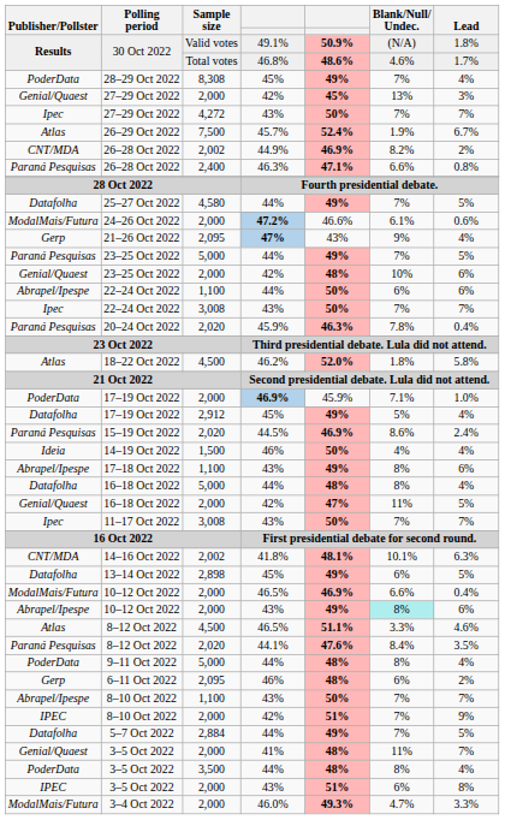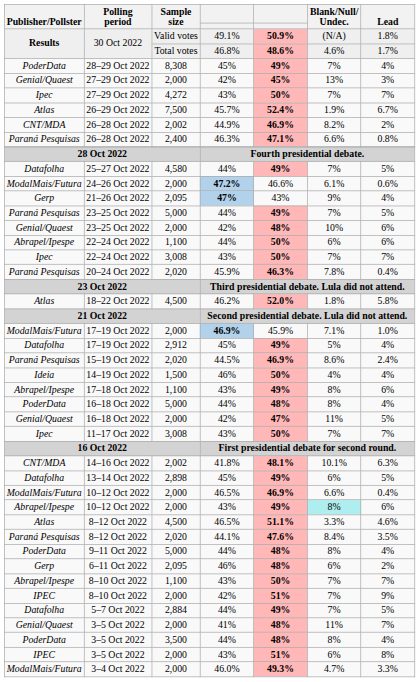 <table class="nowrap wikitable" style="text-align:center;font-size:85%;line-height:14px">
 <tr style="vertical-align:bottom">
 <th rowspan="2">Publisher/Pollster</th>
 <th rowspan="2">Polling<br>period</th>
 <th rowspan="2">Sample<br>size</th>
 <th style="width:5em"><br></th>
 <th style="width:5em"><br></th>
 <th rowspan="2" style="width:5em">Blank/Null/<br>Undec.</th>
 <th rowspan="2" style="width:5em">Lead</th>
 </tr>
 <tr>
 <th style="background:"></th>
 <th style="background:"></th>
 </tr>
 <tr style="background:#EFEFEF">
 <td rowspan=2><strong>Results</strong></td>
 <td rowspan=2>30 Oct 2022</td>
 <td>Valid votes</td>
 <td>49.1%</td>
 <td style="background:#ffb7b7;font-weight:bold">50.9%</td>
 <td>(N/A)</td>
 <td style="background:">1.8%</td>
 </tr>
 <tr style="background:#EFEFEF">
 <td>Total votes</td>
 <td>46.8%</td>
 <td style="background:#ffb7b7;font-weight:bold">48.6%</td>
 <td>4.6%</td>
 <td style="background:">1.7%</td>
 </tr>
 <tr>
 <td><em>PoderData</em></td>
 <td> 28–29 Oct 2022</td>
 <td>8,308</td>
 <td>45%</td>
 <td style="background:#ffb7b7;font-weight:bold">49%</td>
 <td>7%</td>
 <td style="background:">4%</td>
 </tr>
 <tr>
 <td><em>Genial/Quaest</em></td>
 <td> 27–29 Oct 2022</td>
 <td>2,000</td>
 <td>42%</td>
 <td style="background:#ffb7b7;font-weight:bold">45%</td>
 <td>13%</td>
 <td style="background:">3%</td>
 </tr>
 <tr>
 <td><em>Ipec</em></td>
 <td> 27–29 Oct 2022</td>
 <td>4,272</td>
 <td>43%</td>
 <td style="background:#ffb7b7;font-weight:bold">50%</td>
 <td>7%</td>
 <td style="background:">7%</td>
 </tr>
 <tr>
 <td><em>Atlas</em></td>
 <td> 26–29 Oct 2022</td>
 <td>7,500</td>
 <td>45.7%</td>
 <td style="background:#ffb7b7;font-weight:bold">52.4%</td>
 <td>1.9%</td>
 <td style="background:">6.7%</td>
 </tr>
 <tr>
 <td><em>CNT/MDA</em></td>
 <td> 26–28 Oct 2022</td>
 <td>2,002</td>
 <td>44.9%</td>
 <td style="background:#ffb7b7;font-weight:bold">46.9%</td>
 <td>8.2%</td>
 <td style="background:">2%</td>
 </tr>
 <tr>
 <td><em>Paraná Pesquisas</em></td>
 <td> 26–28 Oct 2022</td>
 <td>2,400</td>
 <td>46.3%</td>
 <td style="background:#ffb7b7;font-weight:bold">47.1%</td>
 <td>6.6%</td>
 <td style="background:">0.8%</td>
 </tr>
 <tr>
 </tr>
 <tr style=background:lightgrey;font-weight:bold>
 <td colspan=3>28 Oct 2022</td>
 <td colspan=4>Fourth presidential debate.</td>
 </tr>
 <tr>
 <td><em>Datafolha</em></td>
 <td> 25–27 Oct 2022</td>
 <td>4,580</td>
 <td>44%</td>
 <td style="background:#ffb7b7;font-weight:bold">49%</td>
 <td>7%</td>
 <td style="background:">5%</td>
 </tr>
 <tr>
 <td><em>ModalMais/Futura</em></td>
 <td> 24–26 Oct 2022</td>
 <td>2,000</td>
 <td style="background:#b2d1ea;font-weight:bold">47.2%</td>
 <td>46.6%</td>
 <td>6.1%</td>
 <td style="background:">0.6%</td>
 </tr>
 <tr>
 <td><em>Gerp</em></td>
 <td> 21–26 Oct 2022</td>
 <td>2,095</td>
 <td style="background:#b2d1ea;font-weight:bold">47%</td>
 <td>43%</td>
 <td>9%</td>
 <td style="background:">4%</td>
 </tr>
 <tr>
 <td><em>Paraná Pesquisas</em></td>
 <td> 23–25 Oct 2022</td>
 <td>5,000</td>
 <td>44%</td>
 <td style="background:#ffb7b7;font-weight:bold">49%</td>
 <td>7%</td>
 <td style="background:">5%</td>
 </tr>
 <tr>
 <td><em>Genial/Quaest</em></td>
 <td> 23–25 Oct 2022</td>
 <td>2,000</td>
 <td>42%</td>
 <td style="background:#ffb7b7;font-weight:bold">48%</td>
 <td>10%</td>
 <td style="background:">6%</td>
 </tr>
 <tr>
 <td><em>Abrapel/Ipespe</em></td>
 <td> 22–24 Oct 2022</td>
 <td>1,100</td>
 <td>44%</td>
 <td style="background:#ffb7b7;font-weight:bold">50%</td>
 <td>6%</td>
 <td style="background:">6%</td>
 </tr>
 <tr>
 <td><em>Ipec</em></td>
 <td> 22–24 Oct 2022</td>
 <td>3,008</td>
 <td>43%</td>
 <td style="background:#ffb7b7;font-weight:bold">50%</td>
 <td>7%</td>
 <td style="background:">7%</td>
 </tr>
 <tr>
 <td><em>Paraná Pesquisas</em></td>
 <td> 20–24 Oct 2022</td>
 <td>2,020</td>
 <td>45.9%</td>
 <td style="background:#ffb7b7;font-weight:bold">46.3%</td>
 <td>7.8%</td>
 <td style="background:">0.4%</td>
 </tr>
 <tr style=background:lightgrey;font-weight:bold>
 <td colspan=3>23 Oct 2022</td>
 <td colspan=4>Third presidential debate. Lula did not attend.</td>
 </tr>
 <tr>
 <td><em>Atlas</em></td>
 <td> 18–22 Oct 2022</td>
 <td>4,500</td>
 <td>46.2%</td>
 <td style="background:#ffb7b7;font-weight:bold">52.0%</td>
 <td>1.8%</td>
 <td style="background:">5.8%</td>
 </tr>
 <tr style=background:lightgrey;font-weight:bold>
 <td colspan=3>21 Oct 2022</td>
 <td colspan=4>Second presidential debate. Lula did not attend.</td>
 </tr>
 <tr>
-<td><em>PoderData</em></td>
+<td><em>ModalMais/Futura</em></td>
 <td> 17–19 Oct 2022</td>
 <td>2,000</td>
 <td style="background:#b2d1ea;font-weight:bold">46.9%</td>
 <td>45.9%</td>
 <td>7.1%</td>
 <td style="background:">1.0%</td>
 </tr>
 <tr>
 <td><em>Datafolha</em></td>
 <td> 17–19 Oct 2022</td>
 <td>2,912</td>
 <td>45%</td>
 <td style="background:#ffb7b7;font-weight:bold">49%</td>
 <td>5%</td>
 <td style="background:">4%</td>
 </tr>
 <tr>
 <td><em>Paraná Pesquisas</em></td>
 <td> 15–19 Oct 2022</td>
 <td>2,020</td>
 <td>44.5%</td>
 <td style="background:#ffb7b7;font-weight:bold">46.9%</td>
 <td>8.6%</td>
 <td style="background:">2.4%</td>
 </tr>
 <tr>
 <td><em>Ideia</em></td>
 <td> 14–19 Oct 2022</td>
 <td>1,500</td>
 <td>46%</td>
 <td style="background:#ffb7b7;font-weight:bold">50%</td>
 <td>4%</td>
 <td style="background:">4%</td>
 </tr>
 <tr>
 <td><em>Abrapel/Ipespe</em></td>
 <td> 17–18 Oct 2022</td>
 <td>1,100</td>
 <td>43%</td>
 <td style="background:#ffb7b7;font-weight:bold">49%</td>
 <td>8%</td>
 <td style="background:">6%</td>
 </tr>
 <tr>
-<td><em>Datafolha</em></td>
+<td><em>PoderData</em></td>
 <td> 16–18 Oct 2022</td>
 <td>5,000</td>
 <td>44%</td>
 <td style="background:#ffb7b7;font-weight:bold">48%</td>
 <td>8%</td>
 <td style="background:">4%</td>
 </tr>
 <tr>
 <td><em>Genial/Quaest</em></td>
 <td> 16–18 Oct 2022</td>
 <td>2,000</td>
 <td>42%</td>
 <td style="background:#ffb7b7;font-weight:bold">47%</td>
 <td>11%</td>
 <td style="background:">5%</td>
 </tr>
 <tr>
 <td><em>Ipec</em></td>
 <td> 11–17 Oct 2022</td>
 <td>3,008</td>
 <td>43%</td>
 <td style="background:#ffb7b7;font-weight:bold">50%</td>
 <td>7%</td>
 <td style="background:">7%</td>
 </tr>
 <tr style=background:lightgrey;font-weight:bold>
 <td colspan=3>16 Oct 2022</td>
 <td colspan=4>First presidential debate for second round.</td>
 </tr>
 <tr>
 <td><em>CNT/MDA</em></td>
 <td> 14–16 Oct 2022</td>
 <td>2,002</td>
 <td>41.8%</td>
 <td style="background:#ffb7b7;font-weight:bold">48.1%</td>
 <td>10.1%</td>
 <td style="background:">6.3%</td>
 </tr>
 <tr>
 <td><em>Datafolha</em></td>
 <td> 13–14 Oct 2022</td>
 <td>2,898</td>
 <td>45%</td>
 <td style="background:#ffb7b7;font-weight:bold">49%</td>
 <td>6%</td>
 <td style="background:">5%</td>
 </tr>
 <tr>
 <td><em>ModalMais/Futura</em></td>
 <td> 10–12 Oct 2022</td>
 <td>2,000</td>
 <td>46.5%</td>
 <td style="background:#ffb7b7;font-weight:bold">46.9%</td>
 <td>6.6%</td>
 <td style="background:">0.4%</td>
 </tr>
 <tr>
 <td><em>Abrapel/Ipespe</em></td>
 <td> 10–12 Oct 2022</td>
 <td>2,000</td>
 <td>43%</td>
 <td style="background:#ffb7b7;font-weight:bold">49%</td>
 <td style="background: paleturquoise;">8%</td>
 <td style="background:">6%</td>
 </tr>
 <tr>
 <td><em>Atlas</em></td>
 <td> 8–12 Oct 2022</td>
 <td>4,500</td>
 <td>46.5%</td>
 <td style="background:#ffb7b7;font-weight:bold">51.1%</td>
 <td>3.3%</td>
 <td style="background:">4.6%</td>
 </tr>
 <tr>
 <td><em>Paraná Pesquisas</em></td>
 <td> 8–12 Oct 2022</td>
 <td>2,020</td>
 <td>44.1%</td>
 <td style="background:#ffb7b7;font-weight:bold">47.6%</td>
 <td>8.4%</td>
 <td style="background:">3.5%</td>
 </tr>
 <tr>
 <td><em>PoderData</em></td>
 <td> 9–11 Oct 2022</td>
 <td>5,000</td>
 <td>44%</td>
 <td style="background:#ffb7b7;font-weight:bold">48%</td>
 <td>8%</td>
 <td style="background:">4%</td>
 </tr>
 <tr>
 <td><em>Gerp</em></td>
 <td> 6–11 Oct 2022</td>
 <td>2,095</td>
 <td>46%</td>
 <td style="background:#ffb7b7;font-weight:bold">48%</td>
 <td>6%</td>
 <td style="background:">2%</td>
 </tr>
 <tr>
 <td><em>Abrapel/Ipespe</em></td>
 <td> 8–10 Oct 2022</td>
 <td>1,100</td>
 <td>43%</td>
 <td style="background:#ffb7b7;font-weight:bold">50%</td>
 <td>7%</td>
 <td style="background:">7%</td>
 </tr>
 <tr>
 <td><em>IPEC</em></td>
 <td> 8–10 Oct 2022</td>
 <td>2,000</td>
 <td>42%</td>
 <td style="background:#ffb7b7;font-weight:bold">51%</td>
 <td>7%</td>
 <td style="background:">9%</td>
 </tr>
 <tr>
 <td><em>Datafolha</em></td>
 <td> 5–7 Oct 2022</td>
 <td>2,884</td>
 <td>44%</td>
 <td style="background:#ffb7b7;font-weight:bold">49%</td>
 <td>7%</td>
 <td style="background:">5%</td>
 </tr>
 <tr>
 <td><em>Genial/Quaest</em></td>
 <td> 3–5 Oct 2022</td>
 <td>2,000</td>
 <td>41%</td>
 <td style="background:#ffb7b7;font-weight:bold">48%</td>
 <td>11%</td>
 <td style="background:">7%</td>
 </tr>
 <tr>
 <td><em>PoderData</em></td>
 <td> 3–5 Oct 2022</td>
 <td>3,500</td>
 <td>44%</td>
 <td style="background:#ffb7b7;font-weight:bold">48%</td>
 <td>8%</td>
 <td style="background:">4%</td>
 </tr>
 <tr>
 <td><em>IPEC</em></td>
 <td> 3–5 Oct 2022</td>
 <td>2,000</td>
 <td>43%</td>
 <td style="background:#ffb7b7;font-weight:bold">51%</td>
 <td>6%</td>
 <td style="background:">8%</td>
 </tr>
 <tr>
 <td><em>ModalMais/Futura</em></td>
 <td> 3–4 Oct 2022</td>
 <td>2,000</td>
 <td>46.0%</td>
 <td style="background:#ffb7b7;font-weight:bold">49.3%</td>
 <td>4.7%</td>
 <td style="background:">3.3%</td>
 </tr>
 </table>
